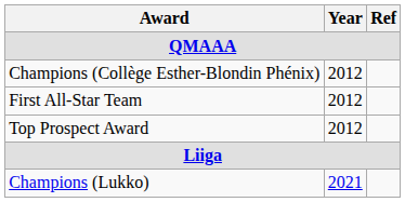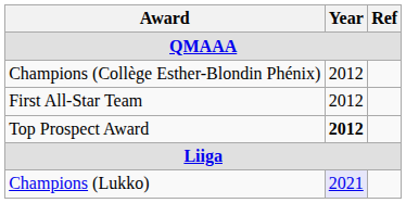 <table class="wikitable">
 <tr>
 <th>Award</th>
 <th>Year</th>
 <th>Ref</th>
 </tr>
 <tr>
 </tr>
 <tr ALIGN="center" bgcolor="#e0e0e0">
 <td colspan="3"><strong><a href='#'>QMAAA</a></strong></td>
 </tr>
 <tr>
 <td>Champions (Collège Esther-Blondin Phénix)</td>
 <td>2012</td>
 <td></td>
 </tr>
 <tr>
 <td>First All-Star Team</td>
 <td>2012</td>
 <td></td>
 </tr>
 <tr>
 <td>Top Prospect Award</td>
-<td>2012</td>
+<td><strong>2012</strong></td>
 <td></td>
 </tr>
 <tr ALIGN="center" bgcolor="#e0e0e0">
 <td colspan="3"><strong><a href='#'>Liiga</a></strong></td>
 </tr>
 <tr>
 <td><a href='#'>Champions</a> (Lukko)</td>
-<td><a href='#'>2021</a></td>
+<td style="background: lavender;"><a href='#'>2021</a></td>
 <td></td>
 </tr>
 </table>
